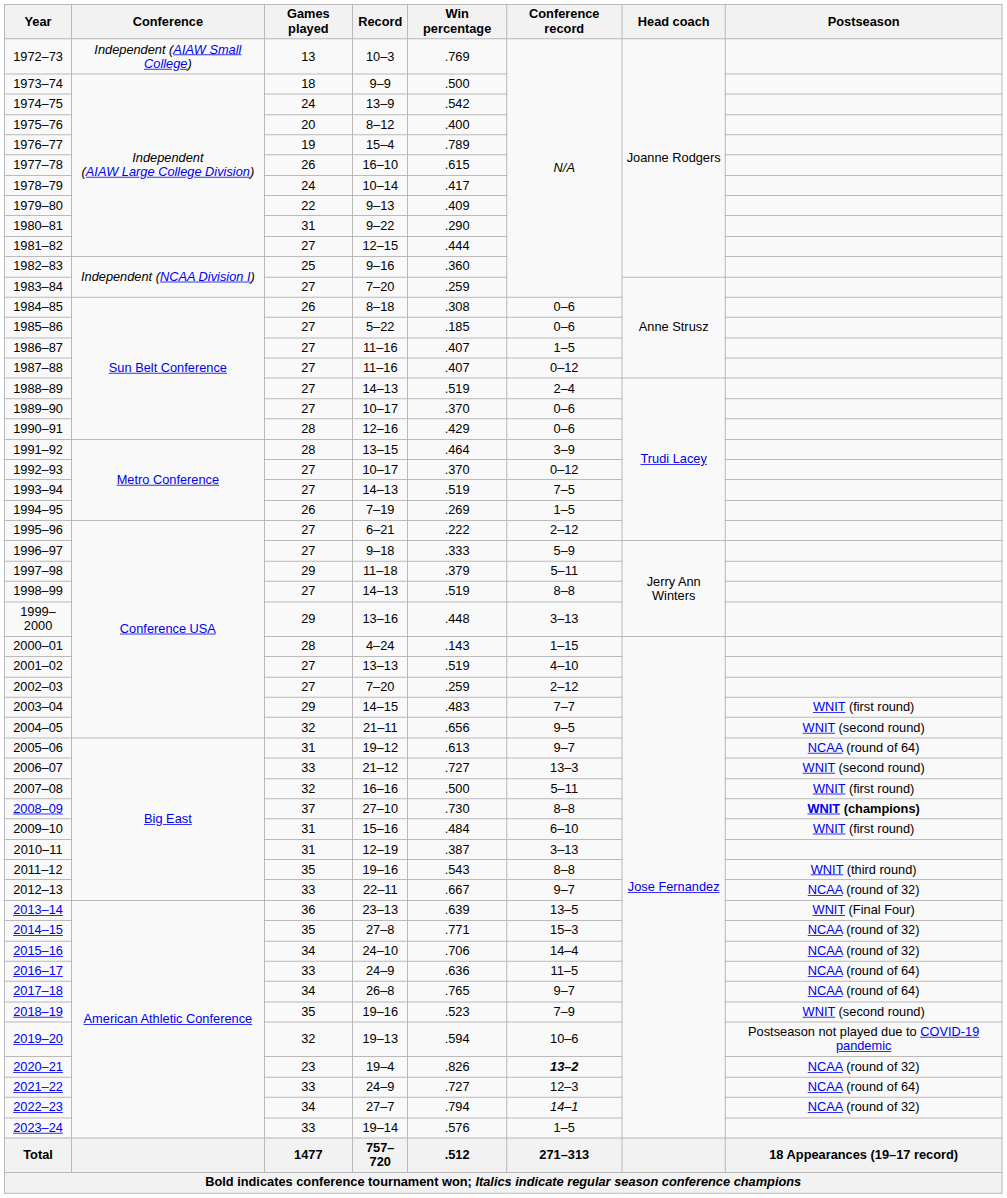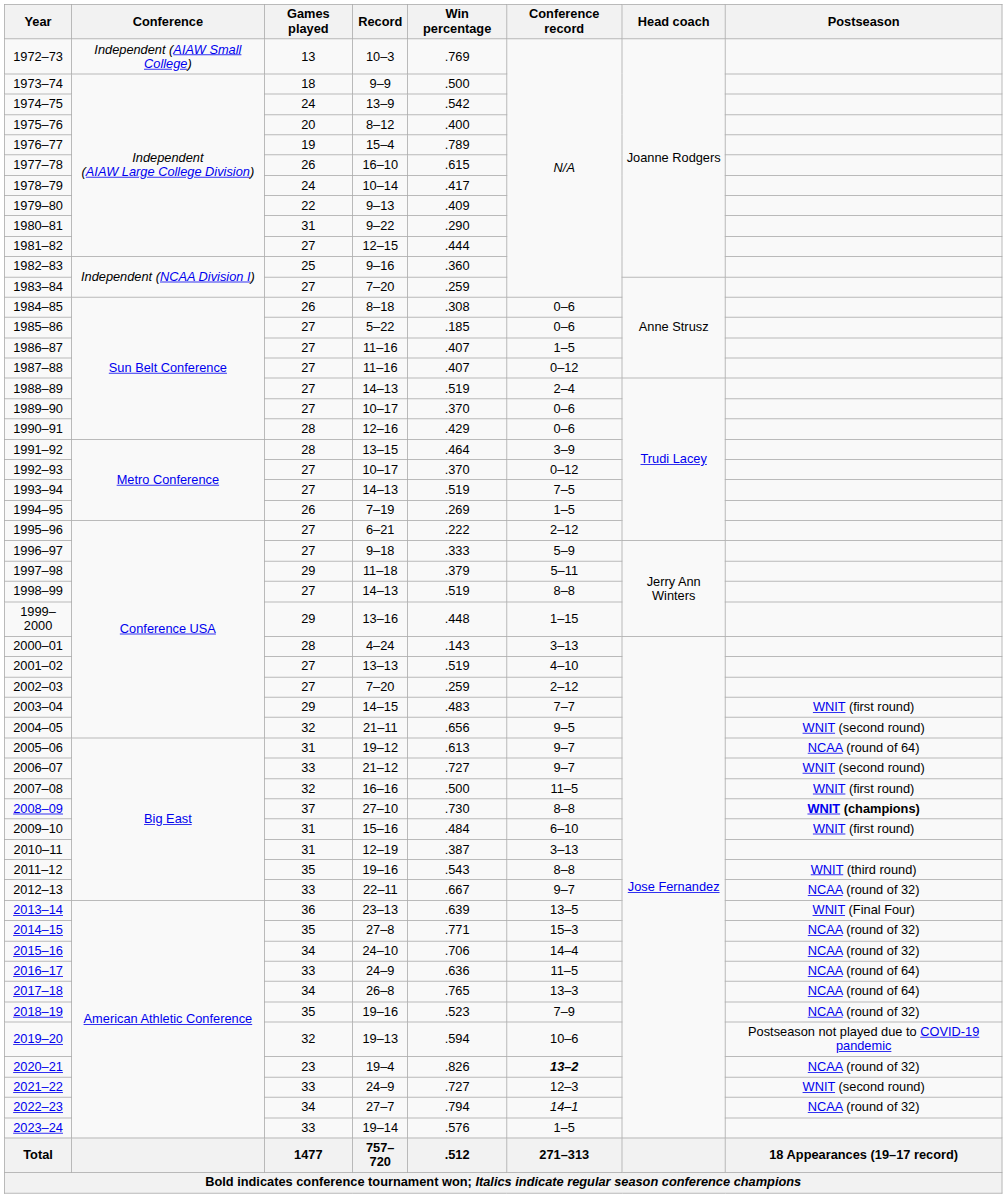 <table class="wikitable sortable" style="text-align:center;">
 <tr>
 <th style="text-align:center;">Year</th>
 <th style="text-align:center;">Conference</th>
 <th style="text-align:center;">Games played</th>
 <th style="text-align:center;">Record</th>
 <th style="text-align:center;">Win percentage</th>
 <th style="text-align:center;">Conference record</th>
 <th style="text-align:center;">Head coach</th>
 <th style="text-align:center;">Postseason</th>
 </tr>
 <tr>
 <td>1972–73</td>
 <td><em>Independent (<a href='#'>AIAW Small College</a>)</em></td>
 <td>13</td>
 <td>10–3</td>
 <td>.769</td>
 <td rowspan="12"><em>N/A</em></td>
 <td rowspan="11">Joanne Rodgers</td>
 <td></td>
 </tr>
 <tr>
 <td>1973–74</td>
 <td rowspan="9"><em>Independent<br>(<a href='#'>AIAW Large College Division</a>)</em></td>
 <td>18</td>
 <td>9–9</td>
 <td>.500</td>
 <td></td>
 </tr>
 <tr>
 <td>1974–75</td>
 <td>24</td>
 <td>13–9</td>
 <td>.542</td>
 <td></td>
 </tr>
 <tr>
 <td>1975–76</td>
 <td>20</td>
 <td>8–12</td>
 <td>.400</td>
 <td></td>
 </tr>
 <tr>
 <td>1976–77</td>
 <td>19</td>
 <td>15–4</td>
 <td>.789</td>
 <td></td>
 </tr>
 <tr>
 <td>1977–78</td>
 <td>26</td>
 <td>16–10</td>
 <td>.615</td>
 <td></td>
 </tr>
 <tr>
 <td>1978–79</td>
 <td>24</td>
 <td>10–14</td>
 <td>.417</td>
 <td></td>
 </tr>
 <tr>
 <td>1979–80</td>
 <td>22</td>
 <td>9–13</td>
 <td>.409</td>
 <td></td>
 </tr>
 <tr>
 <td>1980–81</td>
 <td>31</td>
 <td>9–22</td>
 <td>.290</td>
 <td></td>
 </tr>
 <tr>
 <td>1981–82</td>
 <td>27</td>
 <td>12–15</td>
 <td>.444</td>
 <td></td>
 </tr>
 <tr>
 <td>1982–83</td>
 <td rowspan="2"><em>Independent (<a href='#'>NCAA Division I</a>)</em></td>
 <td>25</td>
 <td>9–16</td>
 <td>.360</td>
 <td></td>
 </tr>
 <tr>
 <td>1983–84</td>
 <td>27</td>
 <td>7–20</td>
 <td>.259</td>
 <td rowspan="5">Anne Strusz</td>
 <td></td>
 </tr>
 <tr>
 <td>1984–85</td>
 <td rowspan="7"><a href='#'>Sun Belt Conference</a></td>
 <td>26</td>
 <td>8–18</td>
 <td>.308</td>
 <td>0–6</td>
 <td></td>
 </tr>
 <tr>
 <td>1985–86</td>
 <td>27</td>
 <td>5–22</td>
 <td>.185</td>
 <td>0–6</td>
 <td></td>
 </tr>
 <tr>
 <td>1986–87</td>
 <td>27</td>
 <td>11–16</td>
 <td>.407</td>
 <td>1–5</td>
 <td></td>
 </tr>
 <tr>
 <td>1987–88</td>
 <td>27</td>
 <td>11–16</td>
 <td>.407</td>
 <td>0–12</td>
 <td></td>
 </tr>
 <tr>
 <td>1988–89</td>
 <td>27</td>
 <td>14–13</td>
 <td>.519</td>
 <td>2–4</td>
 <td rowspan="8"><a href='#'>Trudi Lacey</a></td>
 <td></td>
 </tr>
 <tr>
 <td>1989–90</td>
 <td>27</td>
 <td>10–17</td>
 <td>.370</td>
 <td>0–6</td>
 <td></td>
 </tr>
 <tr>
 <td>1990–91</td>
 <td>28</td>
 <td>12–16</td>
 <td>.429</td>
 <td>0–6</td>
 <td></td>
 </tr>
 <tr>
 <td>1991–92</td>
 <td rowspan="4"><a href='#'>Metro Conference</a></td>
 <td>28</td>
 <td>13–15</td>
 <td>.464</td>
 <td>3–9</td>
 <td></td>
 </tr>
 <tr>
 <td>1992–93</td>
 <td>27</td>
 <td>10–17</td>
 <td>.370</td>
 <td>0–12</td>
 <td></td>
 </tr>
 <tr>
 <td>1993–94</td>
 <td>27</td>
 <td>14–13</td>
 <td>.519</td>
 <td>7–5</td>
 <td></td>
 </tr>
 <tr>
 <td>1994–95</td>
 <td>26</td>
 <td>7–19</td>
 <td>.269</td>
 <td>1–5</td>
 <td></td>
 </tr>
 <tr>
 <td>1995–96</td>
 <td rowspan="10"><a href='#'>Conference USA</a></td>
 <td>27</td>
 <td>6–21</td>
 <td>.222</td>
 <td>2–12</td>
 <td></td>
 </tr>
 <tr>
 <td>1996–97</td>
 <td>27</td>
 <td>9–18</td>
 <td>.333</td>
 <td>5–9</td>
 <td rowspan="4">Jerry Ann Winters</td>
 <td></td>
 </tr>
 <tr>
 <td>1997–98</td>
 <td>29</td>
 <td>11–18</td>
 <td>.379</td>
 <td>5–11</td>
 <td></td>
 </tr>
 <tr>
 <td>1998–99</td>
 <td>27</td>
 <td>14–13</td>
 <td>.519</td>
 <td>8–8</td>
 <td></td>
 </tr>
 <tr>
 <td>1999–2000</td>
 <td>29</td>
 <td>13–16</td>
 <td>.448</td>
-<td>3–13</td>
+<td>1–15</td>
 <td></td>
 </tr>
 <tr>
 <td>2000–01</td>
 <td>28</td>
 <td>4–24</td>
 <td>.143</td>
-<td>1–15</td>
+<td>3–13</td>
 <td rowspan="24"><a href='#'>Jose Fernandez</a></td>
 <td></td>
 </tr>
 <tr>
 <td>2001–02</td>
 <td>27</td>
 <td>13–13</td>
 <td>.519</td>
 <td>4–10</td>
 <td></td>
 </tr>
 <tr>
 <td>2002–03</td>
 <td>27</td>
 <td>7–20</td>
 <td>.259</td>
 <td>2–12</td>
 <td></td>
 </tr>
 <tr>
 <td>2003–04</td>
 <td>29</td>
 <td>14–15</td>
 <td>.483</td>
 <td>7–7</td>
 <td><a href='#'>WNIT</a> (first round)</td>
 </tr>
 <tr>
 <td>2004–05</td>
 <td>32</td>
 <td>21–11</td>
 <td>.656</td>
 <td>9–5</td>
 <td><a href='#'>WNIT</a> (second round)</td>
 </tr>
 <tr>
 <td>2005–06</td>
 <td rowspan="8"><a href='#'>Big East</a></td>
 <td>31</td>
 <td>19–12</td>
 <td>.613</td>
 <td>9–7</td>
 <td><a href='#'>NCAA</a> (round of 64)</td>
 </tr>
 <tr>
 <td>2006–07</td>
 <td>33</td>
 <td>21–12</td>
 <td>.727</td>
-<td>13–3</td>
+<td>9–7</td>
 <td><a href='#'>WNIT</a> (second round)</td>
 </tr>
 <tr>
 <td>2007–08</td>
 <td>32</td>
 <td>16–16</td>
 <td>.500</td>
-<td>5–11</td>
+<td>11–5</td>
 <td><a href='#'>WNIT</a> (first round)</td>
 </tr>
 <tr>
 <td><a href='#'>2008–09</a></td>
 <td>37</td>
 <td>27–10</td>
 <td>.730</td>
 <td>8–8</td>
 <td><strong><a href='#'>WNIT</a> (champions)</strong></td>
 </tr>
 <tr>
 <td>2009–10</td>
 <td>31</td>
 <td>15–16</td>
 <td>.484</td>
 <td>6–10</td>
 <td><a href='#'>WNIT</a> (first round)</td>
 </tr>
 <tr>
 <td>2010–11</td>
 <td>31</td>
 <td>12–19</td>
 <td>.387</td>
 <td>3–13</td>
 <td></td>
 </tr>
 <tr>
 <td>2011–12</td>
 <td>35</td>
 <td>19–16</td>
 <td>.543</td>
 <td>8–8</td>
 <td><a href='#'>WNIT</a> (third round)</td>
 </tr>
 <tr>
 <td>2012–13</td>
 <td>33</td>
 <td>22–11</td>
 <td>.667</td>
 <td>9–7</td>
 <td><a href='#'>NCAA</a> (round of 32)</td>
 </tr>
 <tr>
 <td><a href='#'>2013–14</a></td>
 <td rowspan="11"><a href='#'>American Athletic Conference</a></td>
 <td>36</td>
 <td>23–13</td>
 <td>.639</td>
 <td>13–5</td>
 <td><a href='#'>WNIT</a> (Final Four)</td>
 </tr>
 <tr>
 <td><a href='#'>2014–15</a></td>
 <td>35</td>
 <td>27–8</td>
 <td>.771</td>
 <td>15–3</td>
 <td><a href='#'>NCAA</a> (round of 32)</td>
 </tr>
 <tr>
 <td><a href='#'>2015–16</a></td>
 <td>34</td>
 <td>24–10</td>
 <td>.706</td>
 <td>14–4</td>
 <td><a href='#'>NCAA</a> (round of 32)</td>
 </tr>
 <tr>
 <td><a href='#'>2016–17</a></td>
 <td>33</td>
 <td>24–9</td>
 <td>.636</td>
 <td>11–5</td>
 <td><a href='#'>NCAA</a> (round of 64)</td>
 </tr>
 <tr>
 <td><a href='#'>2017–18</a></td>
 <td>34</td>
 <td>26–8</td>
 <td>.765</td>
-<td>9–7</td>
+<td>13–3</td>
 <td><a href='#'>NCAA</a> (round of 64)</td>
 </tr>
 <tr>
 <td><a href='#'>2018–19</a></td>
 <td>35</td>
 <td>19–16</td>
 <td>.523</td>
 <td>7–9</td>
-<td><a href='#'>WNIT</a> (second round)</td>
+<td><a href='#'>NCAA</a> (round of 32)</td>
 </tr>
 <tr>
 <td><a href='#'>2019–20</a></td>
 <td>32</td>
 <td>19–13</td>
 <td>.594</td>
 <td>10–6</td>
 <td>Postseason not played due to <a href='#'>COVID-19 pandemic</a></td>
 </tr>
 <tr>
 <td><a href='#'>2020–21</a></td>
 <td>23</td>
 <td>19–4</td>
 <td>.826</td>
 <td><strong><em>13–2</em></strong></td>
 <td><a href='#'>NCAA</a> (round of 32)</td>
 </tr>
 <tr>
 <td><a href='#'>2021–22</a></td>
 <td>33</td>
 <td>24–9</td>
 <td>.727</td>
 <td>12–3</td>
-<td><a href='#'>NCAA</a> (round of 64)</td>
+<td><a href='#'>WNIT</a> (second round)</td>
 </tr>
 <tr>
 <td><a href='#'>2022–23</a></td>
 <td>34</td>
 <td>27–7</td>
 <td>.794</td>
 <td><em>14–1</em></td>
 <td><a href='#'>NCAA</a> (round of 32)</td>
 </tr>
 <tr>
 <td><a href='#'>2023–24</a></td>
 <td>33</td>
 <td>19–14</td>
 <td>.576</td>
 <td>1–5</td>
 <td></td>
 </tr>
 <tr>
 <th style="text-align:center;">Total</th>
 <th style="text-align:center;"></th>
 <th style="text-align:center;">1477</th>
 <th style="text-align:center;">757–720</th>
 <th style="text-align:center;">.512</th>
 <th style="text-align:center;">271–313</th>
 <th style="text-align:center;"></th>
 <th style="text-align:center;">18 Appearances (19–17 record)</th>
 </tr>
 <tr>
 <th colspan="8" style="text-align:center;"><strong>Bold indicates conference tournament won;</strong> <strong><em>Italics indicate regular season conference champions</em></strong></th>
 </tr>
 </table>
